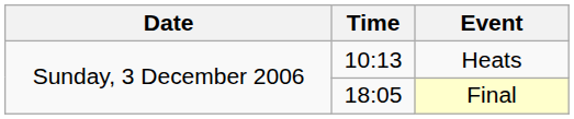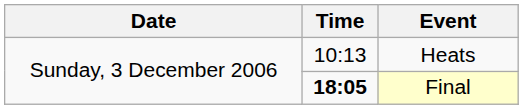 <table class = "wikitable" style="text-align:center;">
 <tr>
 <th width=220>Date</th>
 <th width=50>Time</th>
 <th width=100>Event</th>
 </tr>
 <tr>
 <td rowspan=2>Sunday, 3 December 2006</td>
 <td>10:13</td>
 <td>Heats</td>
 </tr>
 <tr>
-<td>18:05</td>
+<td><strong>18:05</strong></td>
 <td bgcolor=ffffcc>Final</td>
 </tr>
 </table>
